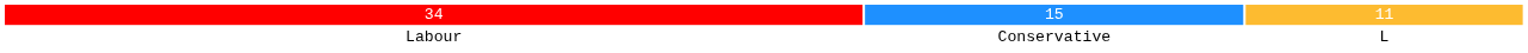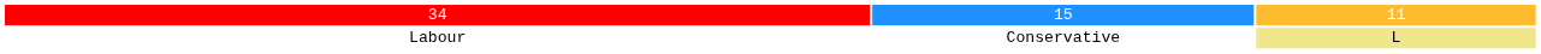 <table style="width:100%; text-align:center;">
 <tr style="color:white;">
 <td style="background:red; width:56.7%;">34</td>
 <td style="background:dodgerblue; width:25%;">15</td>
 <td style="background:#FDBB30; width:18.3%;">11</td>
 </tr>
 <tr>
 <td><span>Labour</span></td>
 <td><span>Conservative</span></td>
-<td><span>L</span></td>
+<td style="background: khaki;"><span>L</span></td>
 </tr>
 </table>
